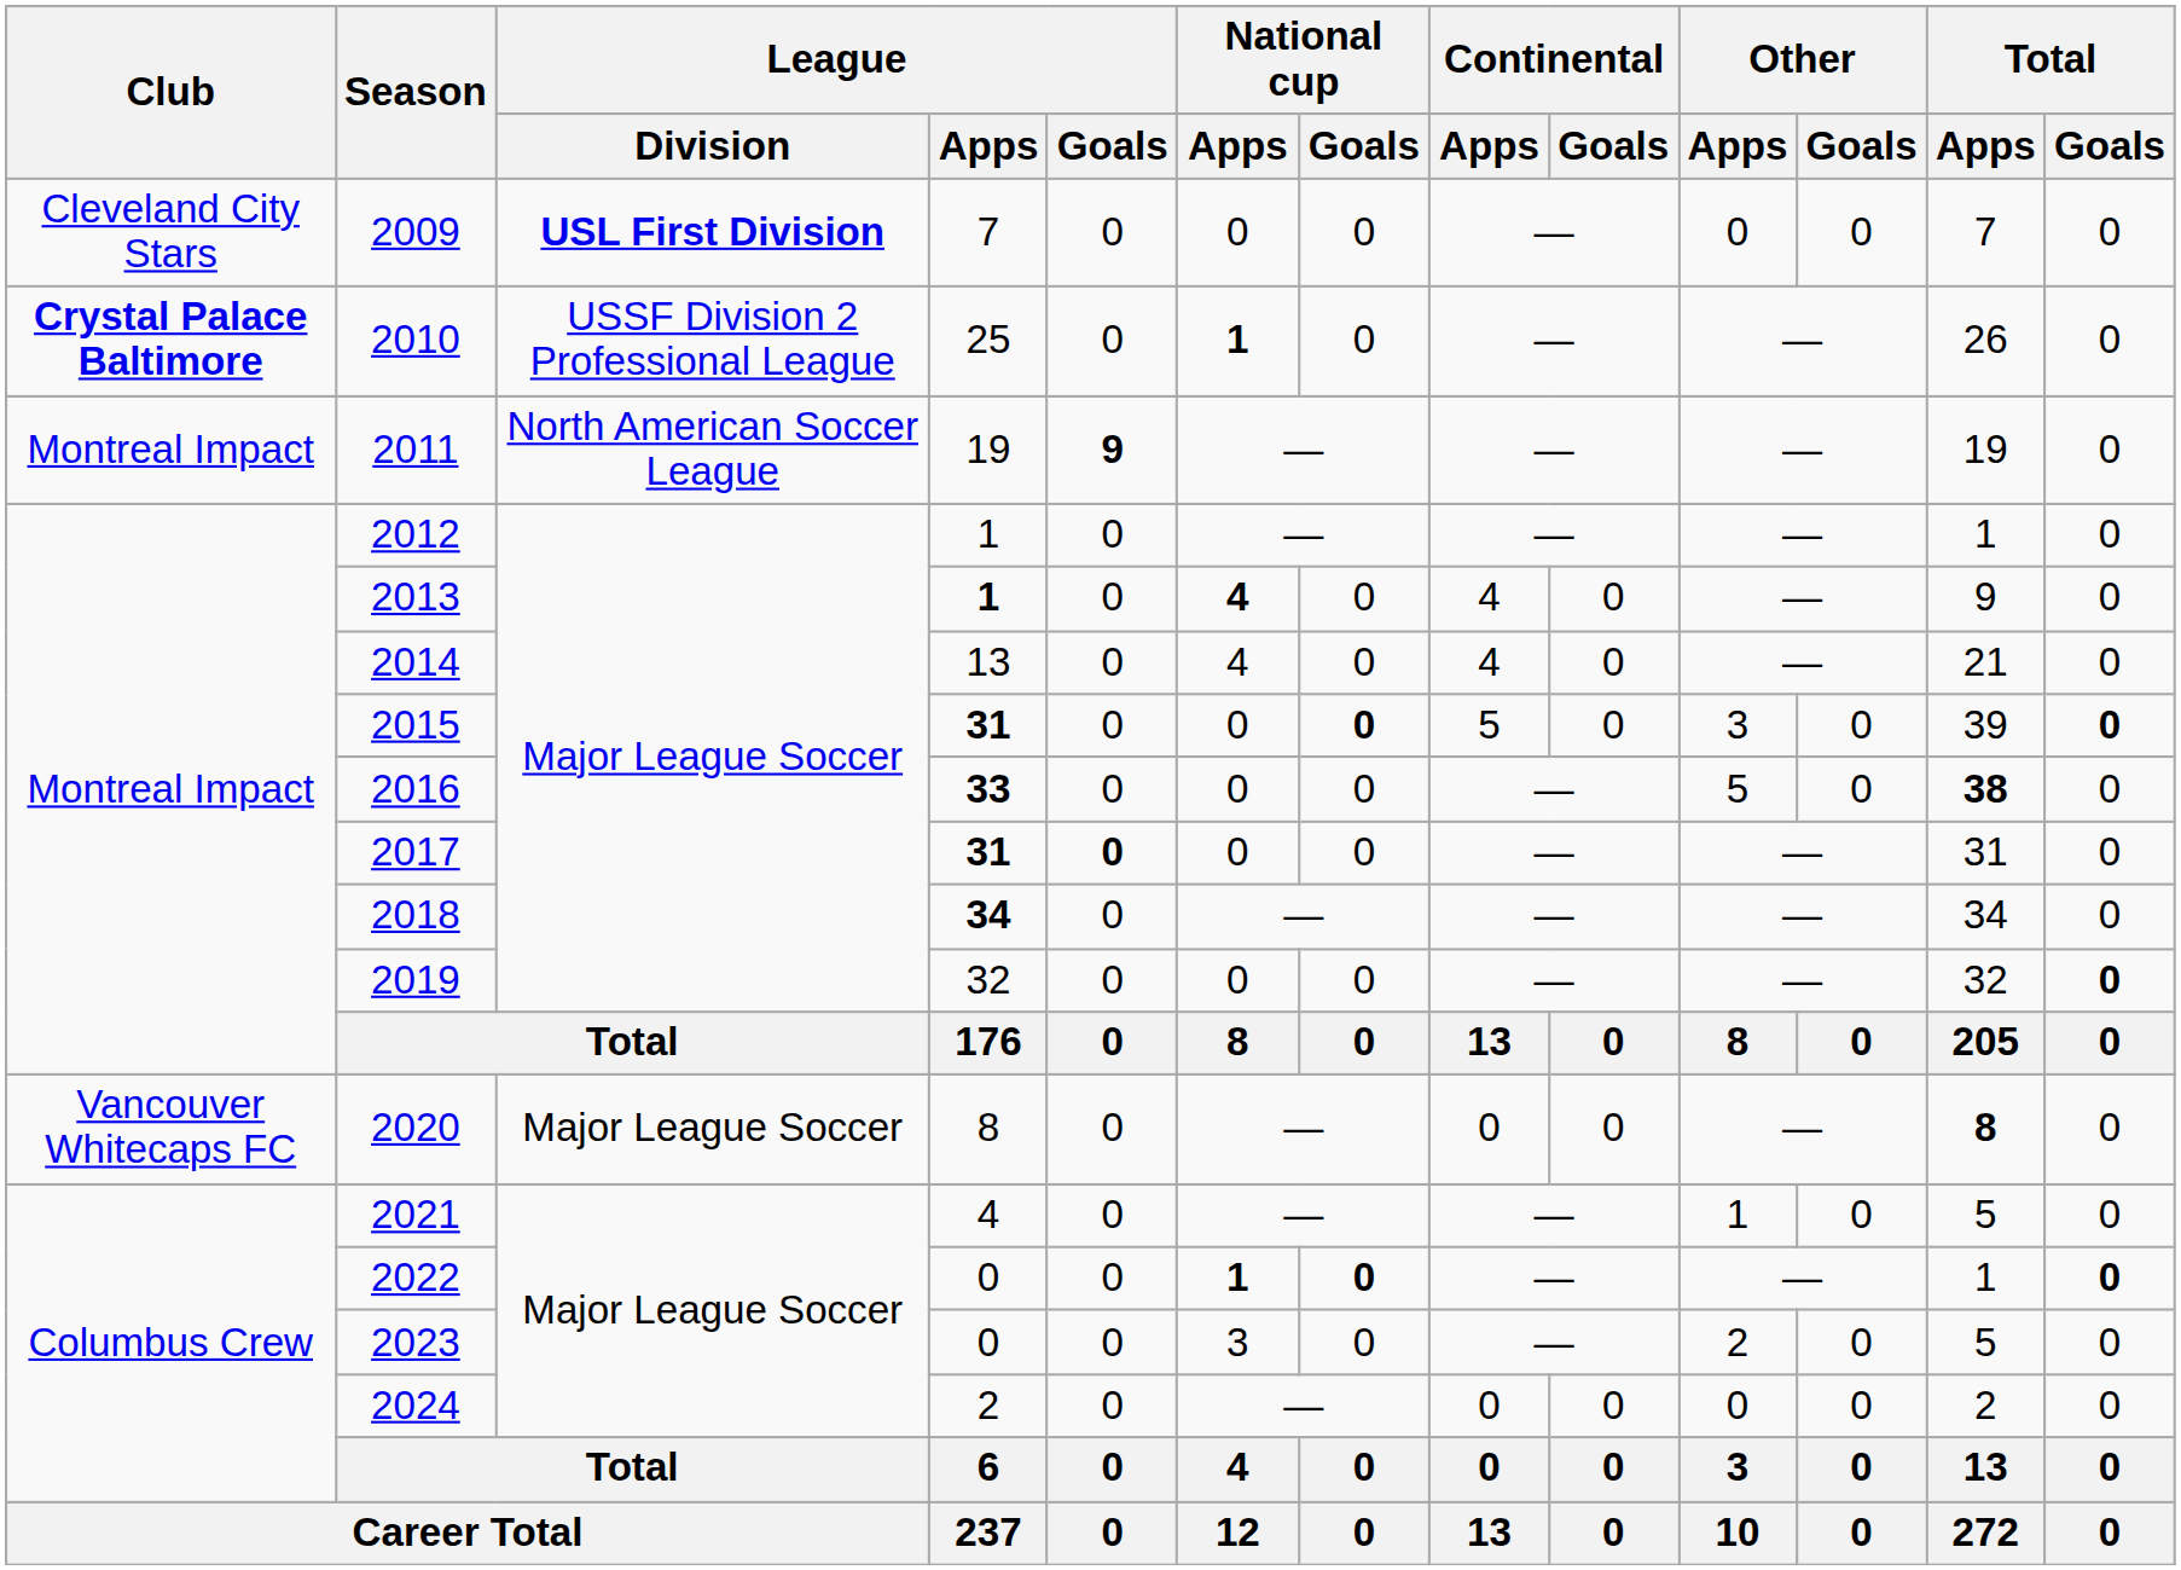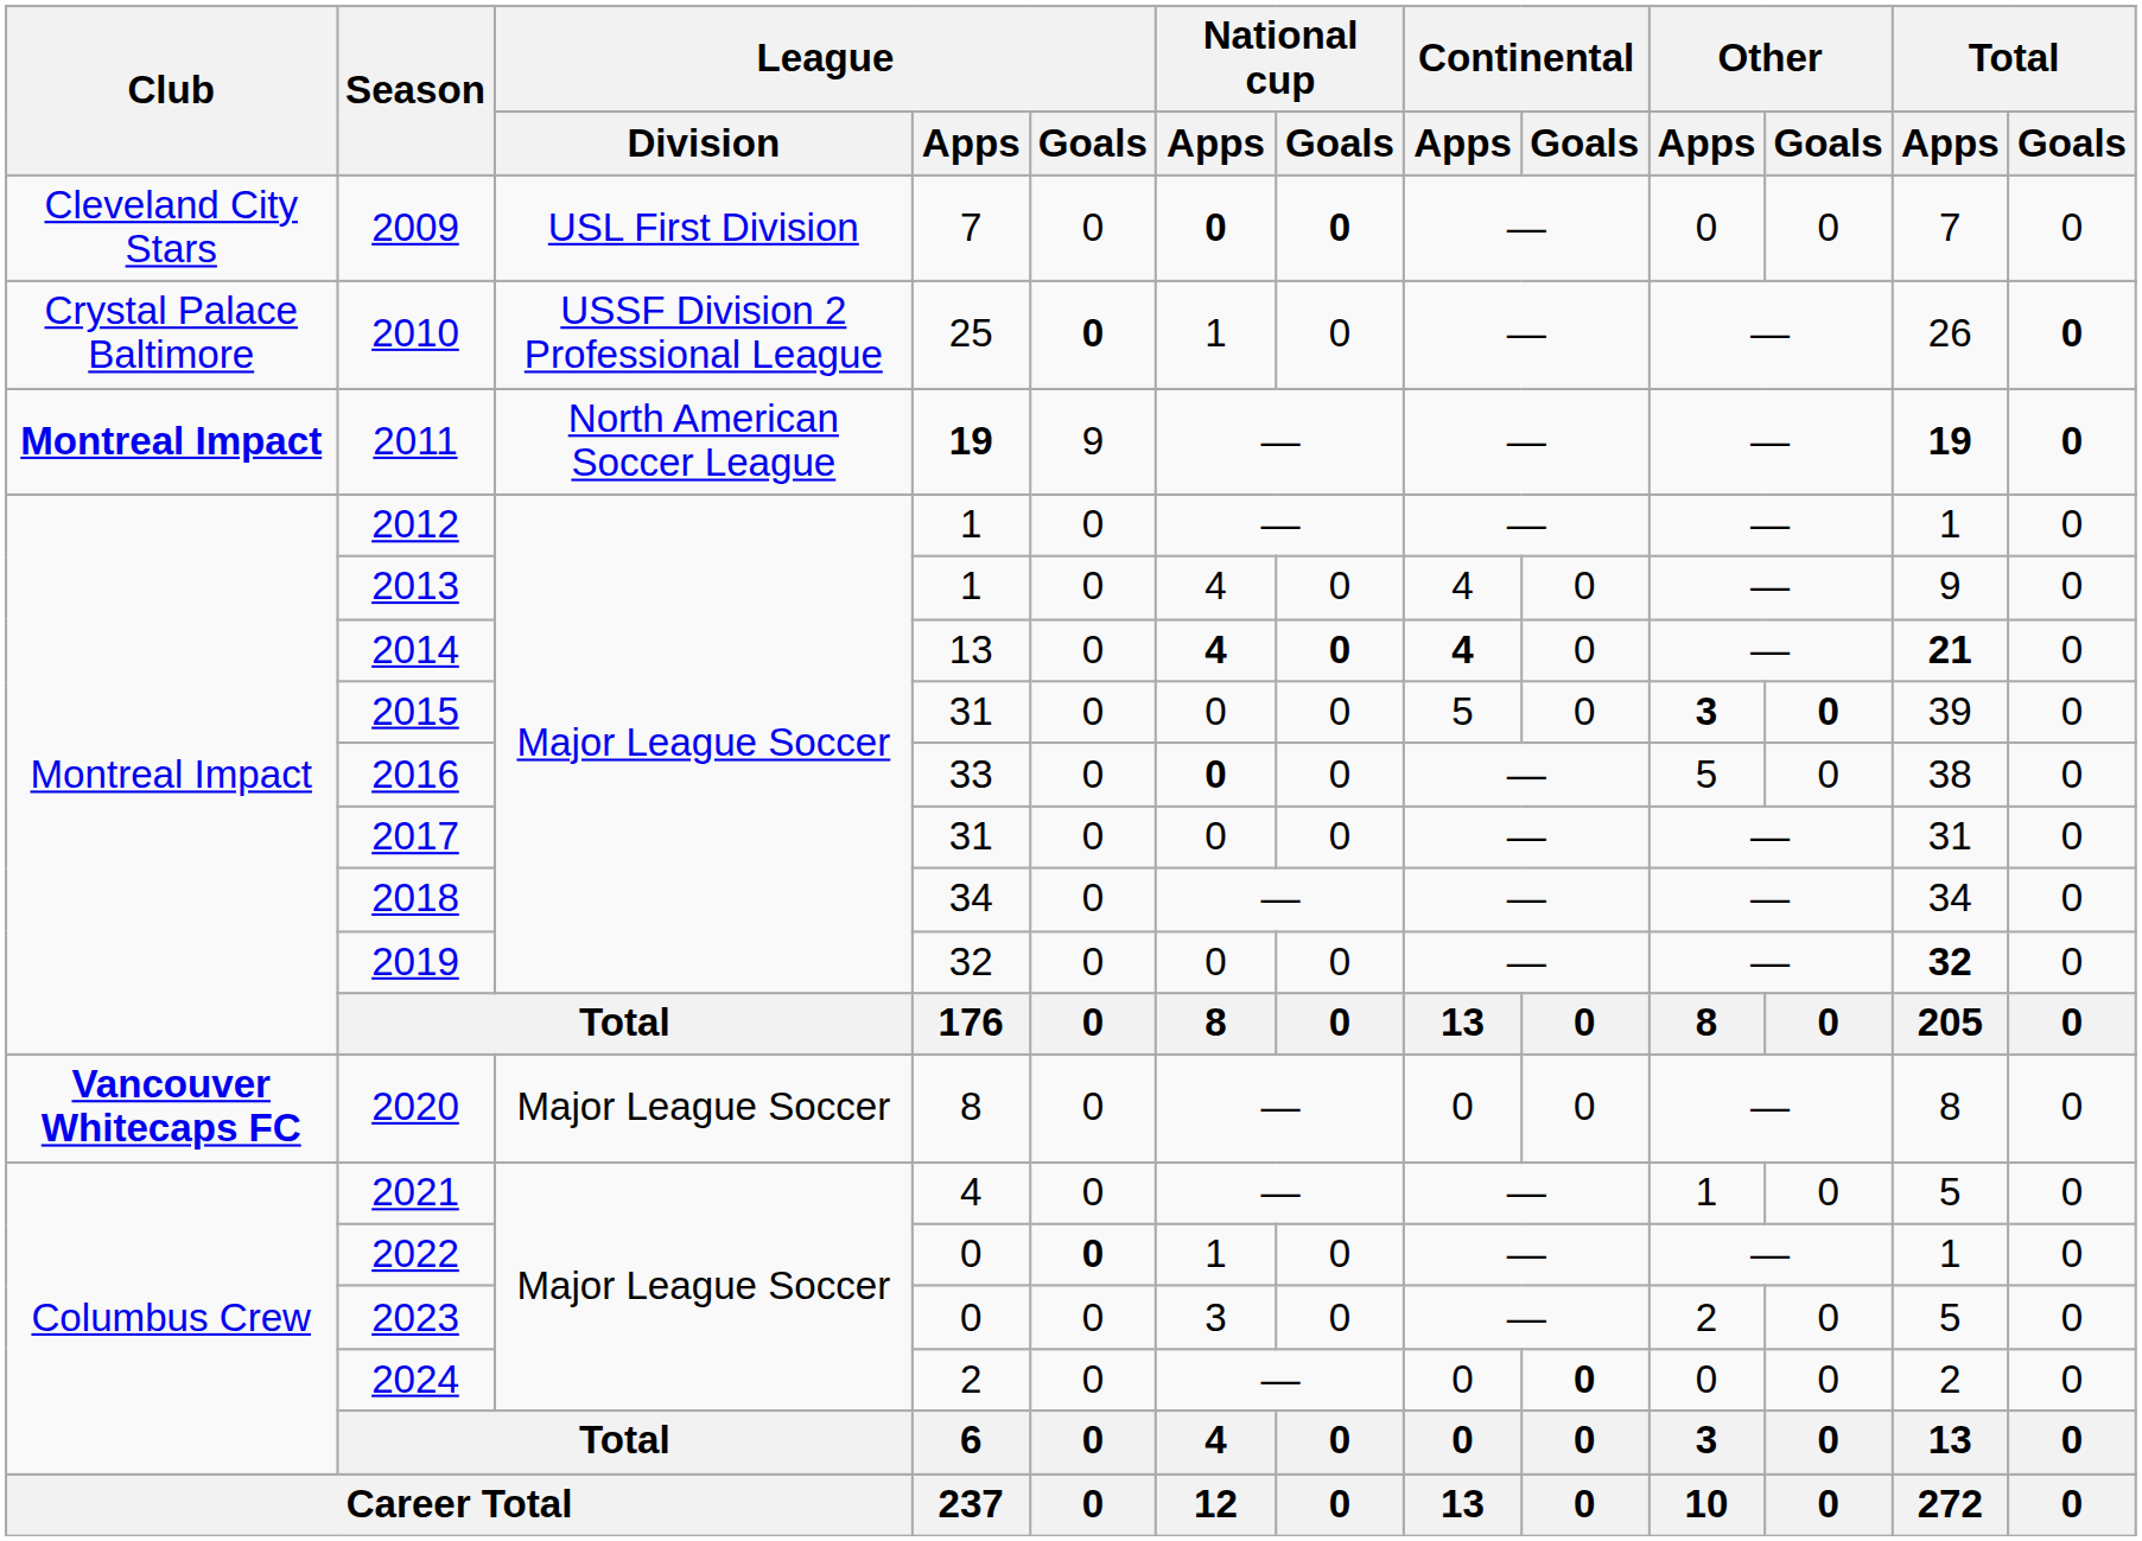 <table class=wikitable style=text-align:center>
 <tr>
 <th rowspan="2">Club</th>
 <th rowspan="2">Season</th>
 <th colspan="3">League</th>
 <th colspan="2">National cup</th>
 <th colspan="2">Continental</th>
 <th colspan="2">Other</th>
 <th colspan="2">Total</th>
 </tr>
 <tr>
 <th>Division</th>
 <th>Apps</th>
 <th>Goals</th>
 <th>Apps</th>
 <th>Goals</th>
 <th>Apps</th>
 <th>Goals</th>
 <th>Apps</th>
 <th>Goals</th>
 <th>Apps</th>
 <th>Goals</th>
 </tr>
 <tr>
 <td><a href='#'>Cleveland City Stars</a></td>
 <td><a href='#'>2009</a></td>
-<td><strong><a href='#'>USL First Division</a></strong></td>
+<td><a href='#'>USL First Division</a></td>
 <td>7</td>
 <td>0</td>
-<td>0</td>
-<td>0</td>
+<td><strong>0</strong></td>
+<td><strong>0</strong></td>
 <td colspan="2">—</td>
 <td>0</td>
 <td>0</td>
 <td>7</td>
 <td>0</td>
 </tr>
 <tr>
-<td><strong><a href='#'>Crystal Palace Baltimore</a></strong></td>
+<td><a href='#'>Crystal Palace Baltimore</a></td>
 <td><a href='#'>2010</a></td>
 <td><a href='#'>USSF Division 2 Professional League</a></td>
 <td>25</td>
-<td>0</td>
-<td><strong>1</strong></td>
+<td><strong>0</strong></td>
+<td>1</td>
 <td>0</td>
 <td colspan="2">—</td>
 <td colspan="2">—</td>
 <td>26</td>
-<td>0</td>
+<td><strong>0</strong></td>
 </tr>
 <tr>
-<td><a href='#'>Montreal Impact</a></td>
+<td><strong><a href='#'>Montreal Impact</a></strong></td>
 <td><a href='#'>2011</a></td>
 <td><a href='#'>North American Soccer League</a></td>
-<td>19</td>
-<td><strong>9</strong></td>
+<td><strong>19</strong></td>
+<td>9</td>
 <td colspan="2">—</td>
 <td colspan="2">—</td>
 <td colspan="2">—</td>
-<td>19</td>
-<td>0</td>
+<td><strong>19</strong></td>
+<td><strong>0</strong></td>
 </tr>
 <tr>
 <td rowspan="9"><a href='#'>Montreal Impact</a></td>
 <td><a href='#'>2012</a></td>
 <td rowspan="8"><a href='#'>Major League Soccer</a></td>
 <td>1</td>
 <td>0</td>
 <td colspan="2">—</td>
 <td colspan="2">—</td>
 <td colspan="2">—</td>
 <td>1</td>
 <td>0</td>
 </tr>
 <tr>
 <td><a href='#'>2013</a></td>
-<td><strong>1</strong></td>
+<td>1</td>
 <td>0</td>
-<td><strong>4</strong></td>
+<td>4</td>
 <td>0</td>
 <td>4</td>
 <td>0</td>
 <td colspan="2">—</td>
 <td>9</td>
 <td>0</td>
 </tr>
 <tr>
 <td><a href='#'>2014</a></td>
 <td>13</td>
 <td>0</td>
-<td>4</td>
-<td>0</td>
-<td>4</td>
+<td><strong>4</strong></td>
+<td><strong>0</strong></td>
+<td><strong>4</strong></td>
 <td>0</td>
 <td colspan="2">—</td>
-<td>21</td>
+<td><strong>21</strong></td>
 <td>0</td>
 </tr>
 <tr>
 <td><a href='#'>2015</a></td>
-<td><strong>31</strong></td>
+<td>31</td>
 <td>0</td>
 <td>0</td>
-<td><strong>0</strong></td>
+<td>0</td>
 <td>5</td>
 <td>0</td>
-<td>3</td>
+<td><strong>3</strong></td>
+<td><strong>0</strong></td>
+<td>39</td>
 <td>0</td>
-<td>39</td>
-<td><strong>0</strong></td>
 </tr>
 <tr>
 <td><a href='#'>2016</a></td>
-<td><strong>33</strong></td>
+<td>33</td>
 <td>0</td>
-<td>0</td>
+<td><strong>0</strong></td>
 <td>0</td>
 <td colspan="2">—</td>
 <td>5</td>
 <td>0</td>
-<td><strong>38</strong></td>
+<td>38</td>
 <td>0</td>
 </tr>
 <tr>
 <td><a href='#'>2017</a></td>
-<td><strong>31</strong></td>
-<td><strong>0</strong></td>
+<td>31</td>
+<td>0</td>
 <td>0</td>
 <td>0</td>
 <td colspan="2">—</td>
 <td colspan="2">—</td>
 <td>31</td>
 <td>0</td>
 </tr>
 <tr>
 <td><a href='#'>2018</a></td>
-<td><strong>34</strong></td>
+<td>34</td>
 <td>0</td>
 <td colspan="2">—</td>
 <td colspan="2">—</td>
 <td colspan="2">—</td>
 <td>34</td>
 <td>0</td>
 </tr>
 <tr>
 <td><a href='#'>2019</a></td>
 <td>32</td>
 <td>0</td>
 <td>0</td>
 <td>0</td>
 <td colspan="2">—</td>
 <td colspan="2">—</td>
-<td>32</td>
-<td><strong>0</strong></td>
+<td><strong>32</strong></td>
+<td>0</td>
 </tr>
 <tr>
 <th colspan="2">Total</th>
 <th>176</th>
 <th>0</th>
 <th>8</th>
 <th>0</th>
 <th>13</th>
 <th>0</th>
 <th>8</th>
 <th>0</th>
 <th>205</th>
 <th>0</th>
 </tr>
 <tr>
-<td><a href='#'>Vancouver Whitecaps FC</a></td>
+<td><strong><a href='#'>Vancouver Whitecaps FC</a></strong></td>
 <td><a href='#'>2020</a></td>
 <td>Major League Soccer</td>
 <td>8</td>
 <td>0</td>
 <td colspan="2">—</td>
 <td>0</td>
 <td>0</td>
 <td colspan="2">—</td>
-<td><strong>8</strong></td>
+<td>8</td>
 <td>0</td>
 </tr>
 <tr>
 <td rowspan="5"><a href='#'>Columbus Crew</a></td>
 <td><a href='#'>2021</a></td>
 <td rowspan="4">Major League Soccer</td>
 <td>4</td>
 <td>0</td>
 <td colspan="2">—</td>
 <td colspan="2">—</td>
 <td>1</td>
 <td>0</td>
 <td>5</td>
 <td>0</td>
 </tr>
 <tr>
 <td><a href='#'>2022</a></td>
 <td>0</td>
+<td><strong>0</strong></td>
+<td>1</td>
 <td>0</td>
-<td><strong>1</strong></td>
-<td><strong>0</strong></td>
 <td colspan="2">—</td>
 <td colspan="2">—</td>
 <td>1</td>
-<td><strong>0</strong></td>
+<td>0</td>
 </tr>
 <tr>
 <td><a href='#'>2023</a></td>
 <td>0</td>
 <td>0</td>
 <td>3</td>
 <td>0</td>
 <td colspan="2">—</td>
 <td>2</td>
 <td>0</td>
 <td>5</td>
 <td>0</td>
 </tr>
 <tr>
 <td><a href='#'>2024</a></td>
 <td>2</td>
 <td>0</td>
 <td colspan="2">—</td>
 <td>0</td>
-<td>0</td>
+<td><strong>0</strong></td>
 <td>0</td>
 <td>0</td>
 <td>2</td>
 <td>0</td>
 </tr>
 <tr>
 <th colspan="2">Total</th>
 <th>6</th>
 <th>0</th>
 <th>4</th>
 <th>0</th>
 <th>0</th>
 <th>0</th>
 <th>3</th>
 <th>0</th>
 <th>13</th>
 <th>0</th>
 </tr>
 <tr>
 <th colspan="3">Career Total</th>
 <th>237</th>
 <th>0</th>
 <th>12</th>
 <th>0</th>
 <th>13</th>
 <th>0</th>
 <th>10</th>
 <th>0</th>
 <th>272</th>
 <th>0</th>
 </tr>
 </table>
